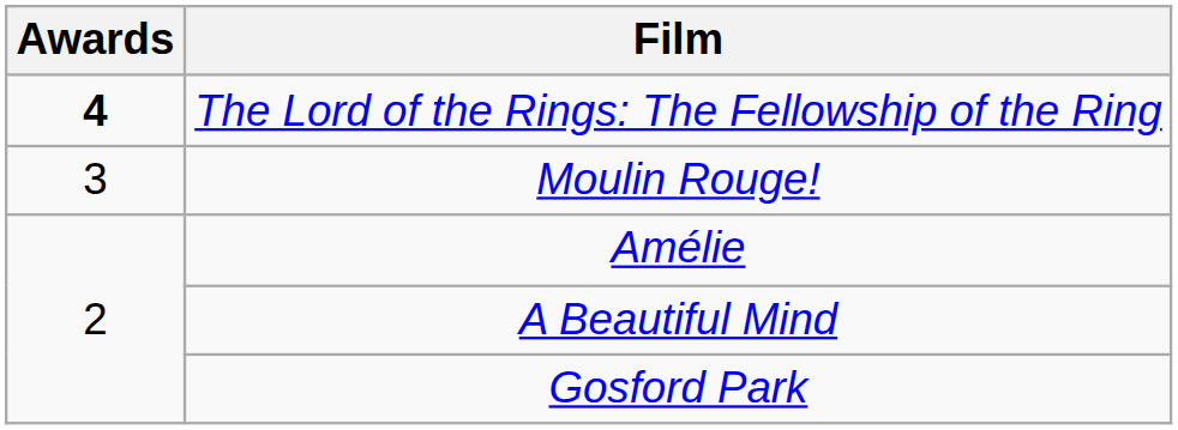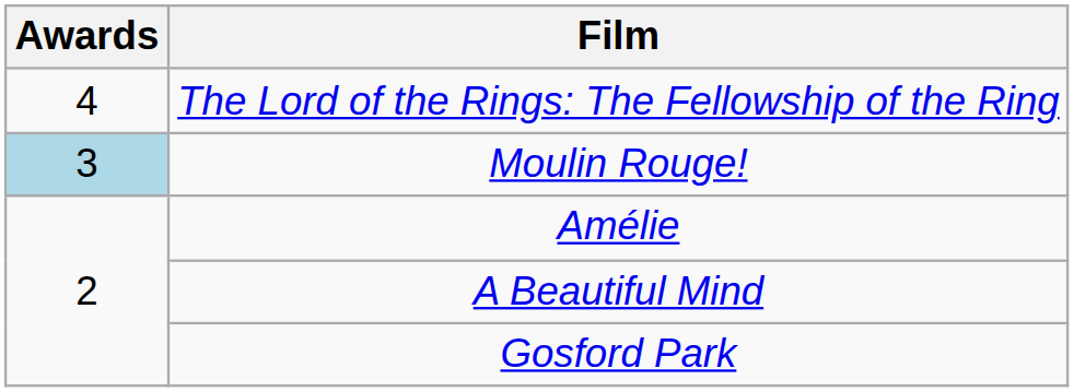 <table class="wikitable" style="text-align:center;">
 <tr>
 <th style="background:">Awards</th>
 <th style="background:">Film</th>
 </tr>
 <tr>
-<td><strong>4</strong></td>
+<td>4</td>
 <td><em><a href='#'>The Lord of the Rings: The Fellowship of the Ring</a></em></td>
 </tr>
 <tr>
-<td>3</td>
+<td style="background: lightblue;">3</td>
 <td><em><a href='#'>Moulin Rouge!</a></em></td>
 </tr>
 <tr>
 <td rowspan="3">2</td>
 <td><em><a href='#'>Amélie</a></em></td>
 </tr>
 <tr>
 <td><em><a href='#'>A Beautiful Mind</a></em></td>
 </tr>
 <tr>
 <td><em><a href='#'>Gosford Park</a></em></td>
 </tr>
 </table>
